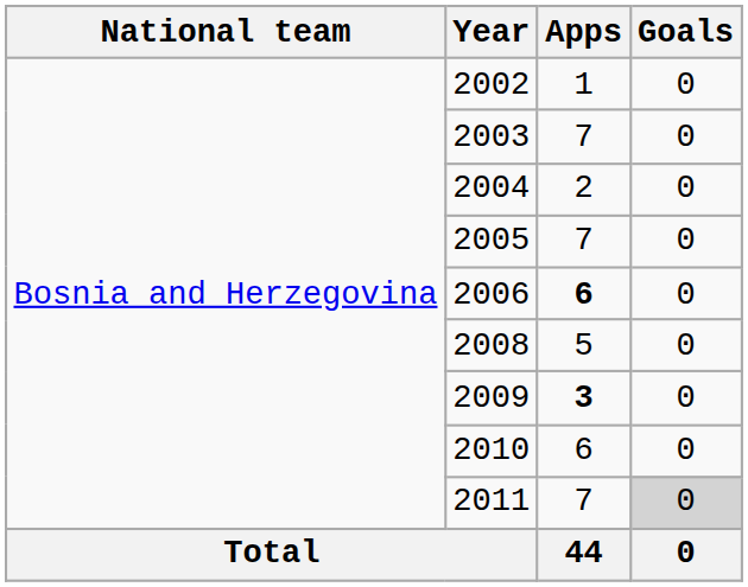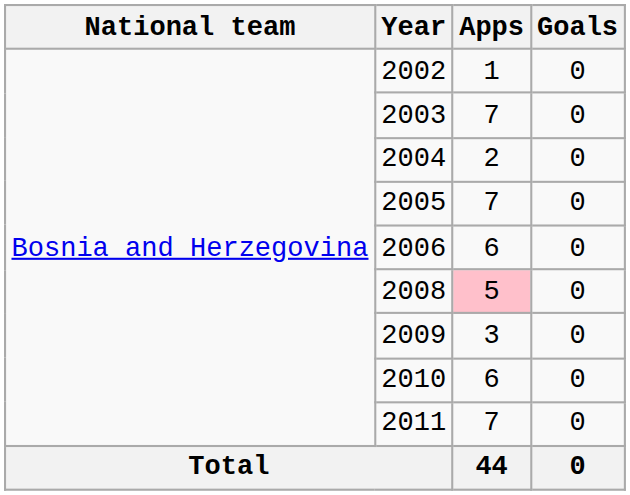 <table class="wikitable" style="text-align:center">
 <tr>
 <th>National team</th>
 <th>Year</th>
 <th>Apps</th>
 <th>Goals</th>
 </tr>
 <tr>
 <td rowspan="9"><a href='#'>Bosnia and Herzegovina</a></td>
 <td>2002</td>
 <td>1</td>
 <td>0</td>
 </tr>
 <tr>
 <td>2003</td>
 <td>7</td>
 <td>0</td>
 </tr>
 <tr>
 <td>2004</td>
 <td>2</td>
 <td>0</td>
 </tr>
 <tr>
 <td>2005</td>
 <td>7</td>
 <td>0</td>
 </tr>
 <tr>
 <td>2006</td>
-<td><strong>6</strong></td>
+<td>6</td>
 <td>0</td>
 </tr>
 <tr>
 <td>2008</td>
-<td>5</td>
+<td style="background: pink;">5</td>
 <td>0</td>
 </tr>
 <tr>
 <td>2009</td>
-<td><strong>3</strong></td>
+<td>3</td>
 <td>0</td>
 </tr>
 <tr>
 <td>2010</td>
 <td>6</td>
 <td>0</td>
 </tr>
 <tr>
 <td>2011</td>
 <td>7</td>
-<td style="background: lightgrey;">0</td>
+<td>0</td>
 </tr>
 <tr>
 <th colspan="2">Total</th>
 <th>44</th>
 <th>0</th>
 </tr>
 </table>
